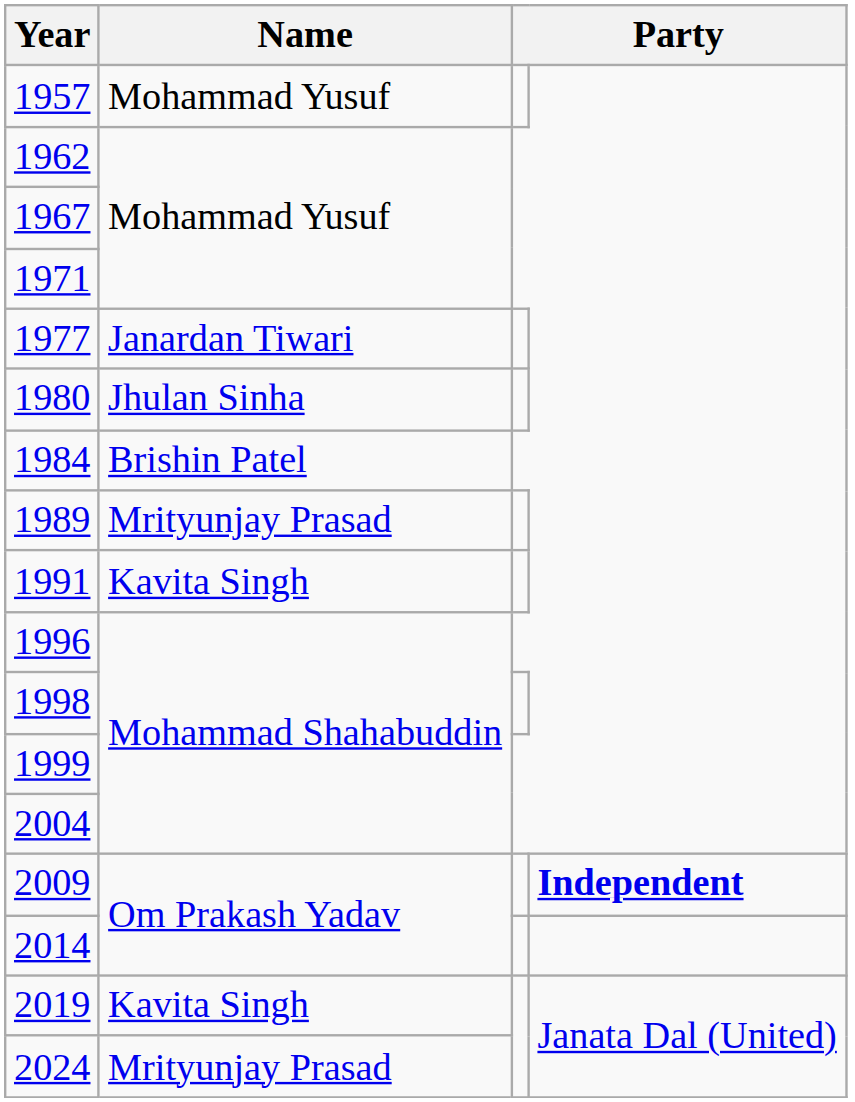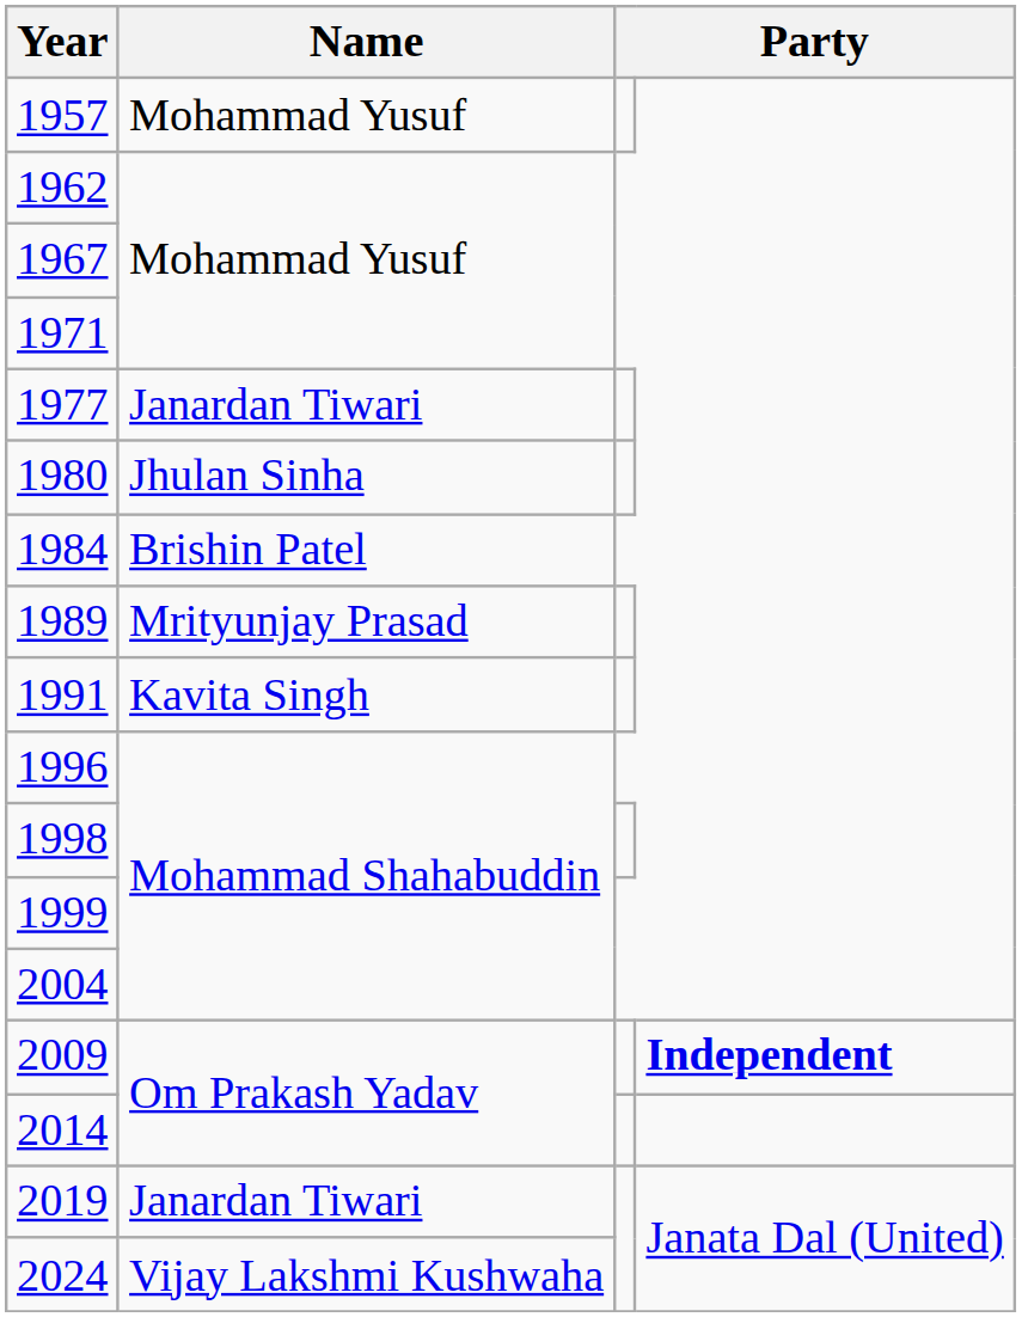 <table class="wikitable">
 <tr>
 <th>Year</th>
 <th>Name</th>
 <th colspan="2">Party</th>
 </tr>
 <tr>
 <td><a href='#'>1957</a></td>
 <td>Mohammad Yusuf</td>
 <td></td>
 </tr>
 <tr>
 <td><a href='#'>1962</a></td>
 <td rowspan="3">Mohammad Yusuf</td>
 </tr>
 <tr>
 <td><a href='#'>1967</a></td>
 </tr>
 <tr>
 <td><a href='#'>1971</a></td>
 </tr>
 <tr>
 <td><a href='#'>1977</a></td>
 <td><a href='#'>Janardan Tiwari</a></td>
 <td></td>
 </tr>
 <tr>
 <td><a href='#'>1980</a></td>
 <td><a href='#'>Jhulan Sinha</a></td>
 <td></td>
 </tr>
 <tr>
 <td><a href='#'>1984</a></td>
 <td><a href='#'>Brishin Patel</a></td>
 </tr>
 <tr>
 <td><a href='#'>1989</a></td>
 <td><a href='#'>Mrityunjay Prasad</a></td>
 <td></td>
 </tr>
 <tr>
 <td><a href='#'>1991</a></td>
 <td><a href='#'>Kavita Singh</a></td>
 <td></td>
 </tr>
 <tr>
 <td><a href='#'>1996</a></td>
 <td rowspan="4"><a href='#'>Mohammad Shahabuddin</a></td>
 </tr>
 <tr>
 <td><a href='#'>1998</a></td>
 <td></td>
 </tr>
 <tr>
 <td><a href='#'>1999</a></td>
 </tr>
 <tr>
 <td><a href='#'>2004</a></td>
 </tr>
 <tr>
 <td><a href='#'>2009</a></td>
 <td rowspan="2"><a href='#'>Om Prakash Yadav</a></td>
 <td style="background-color: "></td>
 <td><strong><a href='#'>Independent</a></strong></td>
 </tr>
 <tr>
 <td><a href='#'>2014</a></td>
 <td></td>
 </tr>
 <tr>
 <td><a href='#'>2019</a></td>
-<td><a href='#'>Kavita Singh</a></td>
+<td><a href='#'>Janardan Tiwari</a></td>
 <td rowspan="2" style="background-color: "></td>
 <td rowspan="2"><a href='#'>Janata Dal (United)</a></td>
 </tr>
 <tr>
 <td><a href='#'>2024</a></td>
-<td><a href='#'>Mrityunjay Prasad</a></td>
+<td><a href='#'>Vijay Lakshmi Kushwaha </a></td>
 </tr>
 </table>
